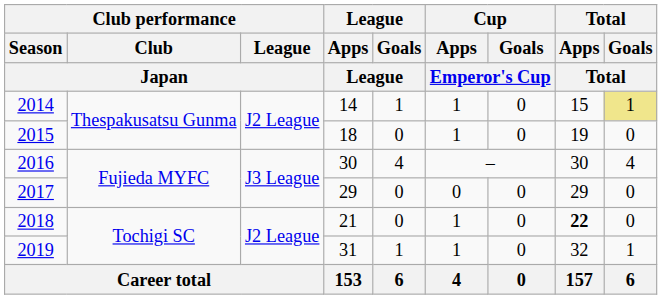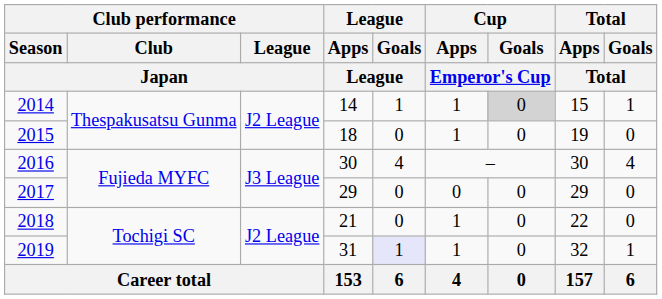 <table class="wikitable" style="text-align:center">
 <tr>
 <th colspan=3>Club performance</th>
 <th colspan=2>League</th>
 <th colspan=2>Cup</th>
 <th colspan=2>Total</th>
 </tr>
 <tr>
 <th>Season</th>
 <th>Club</th>
 <th>League</th>
 <th>Apps</th>
 <th>Goals</th>
 <th>Apps</th>
 <th>Goals</th>
 <th>Apps</th>
 <th>Goals</th>
 </tr>
 <tr>
 <th colspan=3>Japan</th>
 <th colspan=2>League</th>
 <th colspan=2><a href='#'>Emperor's Cup</a></th>
 <th colspan=2>Total</th>
 </tr>
 <tr>
 <td><a href='#'>2014</a></td>
 <td rowspan="2"><a href='#'>Thespakusatsu Gunma</a></td>
 <td rowspan="2"><a href='#'>J2 League</a></td>
 <td>14</td>
 <td>1</td>
 <td>1</td>
-<td>0</td>
+<td style="background: lightgrey;">0</td>
 <td>15</td>
-<td style="background: khaki;">1</td>
+<td>1</td>
 </tr>
 <tr>
 <td><a href='#'>2015</a></td>
 <td>18</td>
 <td>0</td>
 <td>1</td>
 <td>0</td>
 <td>19</td>
 <td>0</td>
 </tr>
 <tr>
 <td><a href='#'>2016</a></td>
 <td rowspan="2"><a href='#'>Fujieda MYFC</a></td>
 <td rowspan="2"><a href='#'>J3 League</a></td>
 <td>30</td>
 <td>4</td>
 <td colspan="2">–</td>
 <td>30</td>
 <td>4</td>
 </tr>
 <tr>
 <td><a href='#'>2017</a></td>
 <td>29</td>
 <td>0</td>
 <td>0</td>
 <td>0</td>
 <td>29</td>
 <td>0</td>
 </tr>
 <tr>
 <td><a href='#'>2018</a></td>
 <td rowspan="2"><a href='#'>Tochigi SC</a></td>
 <td rowspan="2"><a href='#'>J2 League</a></td>
 <td>21</td>
 <td>0</td>
 <td>1</td>
 <td>0</td>
-<td><strong>22</strong></td>
+<td>22</td>
 <td>0</td>
 </tr>
 <tr>
 <td><a href='#'>2019</a></td>
 <td>31</td>
-<td>1</td>
+<td style="background: lavender;">1</td>
 <td>1</td>
 <td>0</td>
 <td>32</td>
 <td>1</td>
 </tr>
 <tr>
 <th colspan=3>Career total</th>
 <th>153</th>
 <th>6</th>
 <th>4</th>
 <th>0</th>
 <th>157</th>
 <th>6</th>
 </tr>
 </table>
